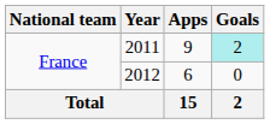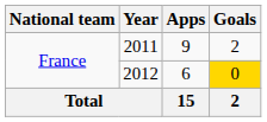 <table class="wikitable" style="text-align: center;">
 <tr>
 <th>National team</th>
 <th>Year</th>
 <th>Apps</th>
 <th>Goals</th>
 </tr>
 <tr>
 <td rowspan="2"><a href='#'>France</a></td>
 <td>2011</td>
 <td>9</td>
-<td style="background: paleturquoise;">2</td>
+<td>2</td>
 </tr>
 <tr>
 <td>2012</td>
 <td>6</td>
-<td>0</td>
+<td style="background: gold;">0</td>
 </tr>
 <tr>
 <th colspan="2">Total</th>
 <th>15</th>
 <th>2</th>
 </tr>
 </table>
